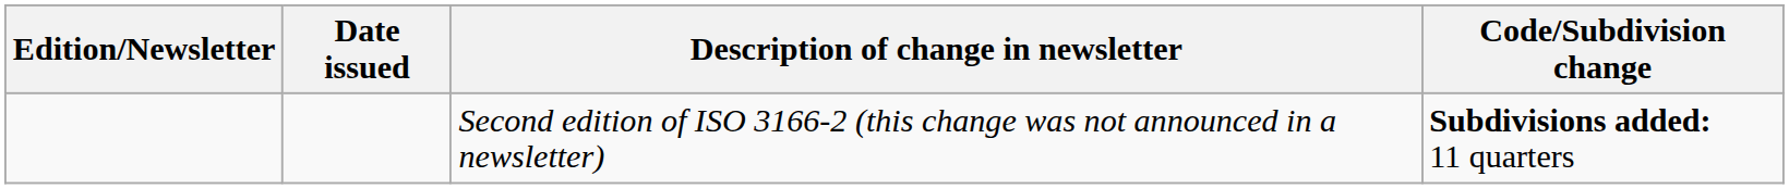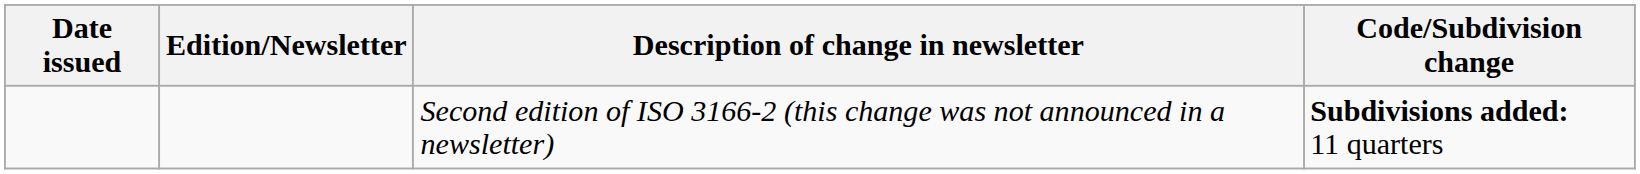 <table class="wikitable">
 <tr>
+<th>Date issued</th>
 <th>Edition/Newsletter</th>
-<th>Date issued</th>
 <th>Description of change in newsletter</th>
 <th>Code/Subdivision change</th>
 </tr>
 <tr>
+<td></td>
 <td id="II"></td>
-<td></td>
 <td><em>Second edition of ISO 3166-2 (this change was not announced in a newsletter)</em></td>
 <td style=white-space:nowrap><strong>Subdivisions added:</strong><br> 11 quarters</td>
 </tr>
 </table>
